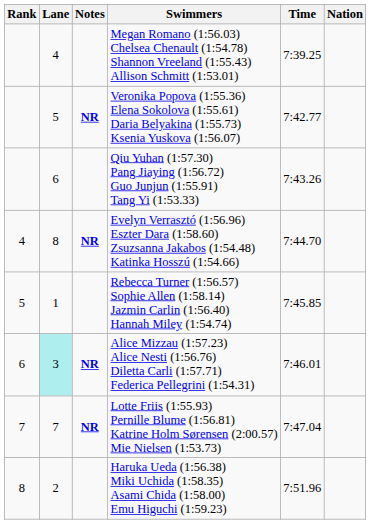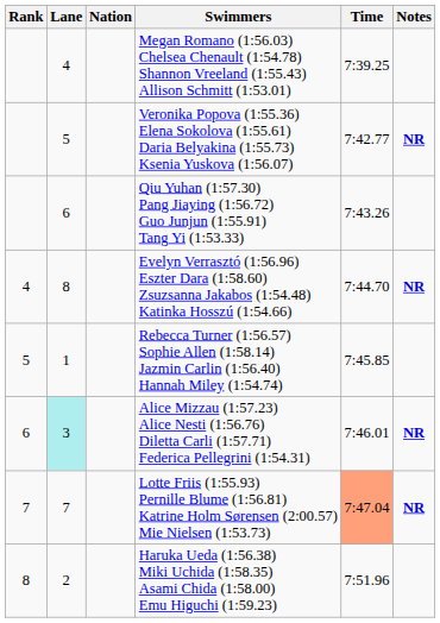 <table class="wikitable sortable" style="text-align:center">
 <tr>
 <th>Rank</th>
 <th>Lane</th>
-<th>Notes</th>
+<th>Nation</th>
 <th>Swimmers</th>
 <th>Time</th>
-<th>Nation</th>
+<th>Notes</th>
 </tr>
 <tr>
 <td></td>
 <td>4</td>
-<td></td>
+<td align=left></td>
 <td align=left><a href='#'>Megan Romano</a> (1:56.03)<br><a href='#'>Chelsea Chenault</a> (1:54.78)<br><a href='#'>Shannon Vreeland</a> (1:55.43)<br><a href='#'>Allison Schmitt</a> (1:53.01)</td>
 <td>7:39.25</td>
-<td align=left></td>
+<td></td>
 </tr>
 <tr>
 <td></td>
 <td>5</td>
-<td><strong><a href='#'>NR</a></strong></td>
+<td align=left></td>
 <td align=left><a href='#'>Veronika Popova</a> (1:55.36)<br><a href='#'>Elena Sokolova</a> (1:55.61)<br><a href='#'>Daria Belyakina</a> (1:55.73)<br><a href='#'>Ksenia Yuskova</a> (1:56.07)</td>
 <td>7:42.77</td>
-<td align=left></td>
+<td><strong><a href='#'>NR</a></strong></td>
 </tr>
 <tr>
 <td></td>
 <td>6</td>
-<td></td>
+<td align=left></td>
 <td align=left><a href='#'>Qiu Yuhan</a> (1:57.30)<br><a href='#'>Pang Jiaying</a> (1:56.72)<br><a href='#'>Guo Junjun</a> (1:55.91)<br><a href='#'>Tang Yi</a> (1:53.33)</td>
 <td>7:43.26</td>
-<td align=left></td>
+<td></td>
 </tr>
 <tr>
 <td>4</td>
 <td>8</td>
-<td><strong><a href='#'>NR</a></strong></td>
+<td align=left></td>
 <td align=left><a href='#'>Evelyn Verrasztó</a> (1:56.96)<br><a href='#'>Eszter Dara</a> (1:58.60)<br><a href='#'>Zsuzsanna Jakabos</a> (1:54.48)<br><a href='#'>Katinka Hosszú</a> (1:54.66)</td>
 <td>7:44.70</td>
-<td align=left></td>
+<td><strong><a href='#'>NR</a></strong></td>
 </tr>
 <tr>
 <td>5</td>
 <td>1</td>
-<td></td>
+<td align=left></td>
 <td align=left><a href='#'>Rebecca Turner</a> (1:56.57)<br><a href='#'>Sophie Allen</a> (1:58.14)<br><a href='#'>Jazmin Carlin</a> (1:56.40)<br><a href='#'>Hannah Miley</a> (1:54.74)</td>
 <td>7:45.85</td>
-<td align=left></td>
+<td></td>
 </tr>
 <tr>
 <td>6</td>
 <td style="background: paleturquoise;">3</td>
-<td><strong><a href='#'>NR</a></strong></td>
+<td align=left></td>
 <td align=left><a href='#'>Alice Mizzau</a> (1:57.23)<br><a href='#'>Alice Nesti</a> (1:56.76)<br><a href='#'>Diletta Carli</a> (1:57.71)<br><a href='#'>Federica Pellegrini</a> (1:54.31)</td>
 <td>7:46.01</td>
-<td align=left></td>
+<td><strong><a href='#'>NR</a></strong></td>
 </tr>
 <tr>
 <td>7</td>
 <td>7</td>
+<td align=left></td>
+<td align=left><a href='#'>Lotte Friis</a> (1:55.93)<br><a href='#'>Pernille Blume</a> (1:56.81)<br><a href='#'>Katrine Holm Sørensen</a> (2:00.57)<br><a href='#'>Mie Nielsen</a> (1:53.73)</td>
+<td style="background: lightsalmon;">7:47.04</td>
 <td><strong><a href='#'>NR</a></strong></td>
-<td align=left><a href='#'>Lotte Friis</a> (1:55.93)<br><a href='#'>Pernille Blume</a> (1:56.81)<br><a href='#'>Katrine Holm Sørensen</a> (2:00.57)<br><a href='#'>Mie Nielsen</a> (1:53.73)</td>
-<td>7:47.04</td>
-<td align=left></td>
 </tr>
 <tr>
 <td>8</td>
 <td>2</td>
-<td></td>
+<td align=left></td>
 <td align=left><a href='#'>Haruka Ueda</a> (1:56.38)<br><a href='#'>Miki Uchida</a> (1:58.35)<br><a href='#'>Asami Chida</a> (1:58.00)<br><a href='#'>Emu Higuchi</a> (1:59.23)</td>
 <td>7:51.96</td>
-<td align=left></td>
+<td></td>
 </tr>
 </table>
